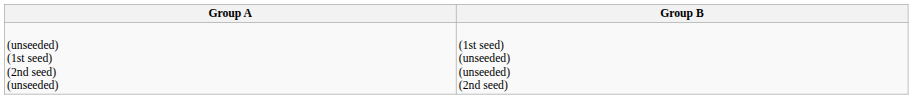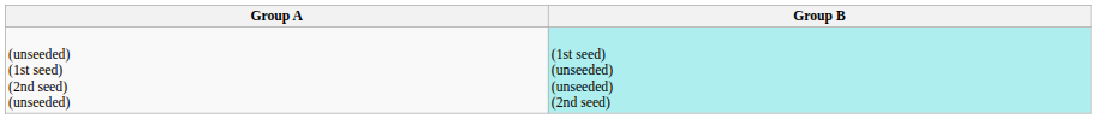 <table class="wikitable" width=98%>
 <tr>
 <th width=20%>Group A</th>
 <th width=20%>Group B</th>
 </tr>
 <tr>
 <td><br> (unseeded)<br>  (1st seed)<br>  (2nd seed)<br>  (unseeded)<br></td>
-<td><br> (1st seed)<br>  (unseeded)<br>  (unseeded)<br>  (2nd seed)<br></td>
+<td style="background: paleturquoise;"><br> (1st seed)<br>  (unseeded)<br>  (unseeded)<br>  (2nd seed)<br></td>
 </tr>
 </table>
